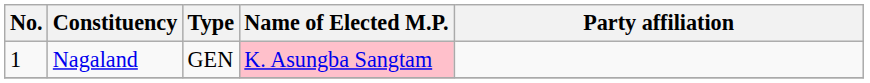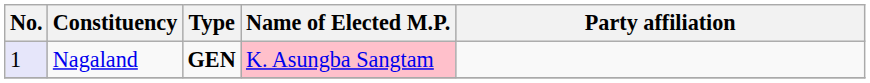 <table class="wikitable" style="font-size:95%;">
 <tr>
 <th>No.</th>
 <th>Constituency</th>
 <th>Type</th>
 <th>Name of Elected M.P.</th>
 <th colspan="2" style="width:18em">Party affiliation</th>
 </tr>
 <tr>
-<td>1</td>
+<td style="background: lavender;">1</td>
 <td><a href='#'>Nagaland</a></td>
-<td>GEN</td>
+<td><strong>GEN</strong></td>
 <td style="background: pink;"><a href='#'>K. Asungba Sangtam</a></td>
 <td></td>
 </tr>
 <tr>
 </tr>
 </table>
